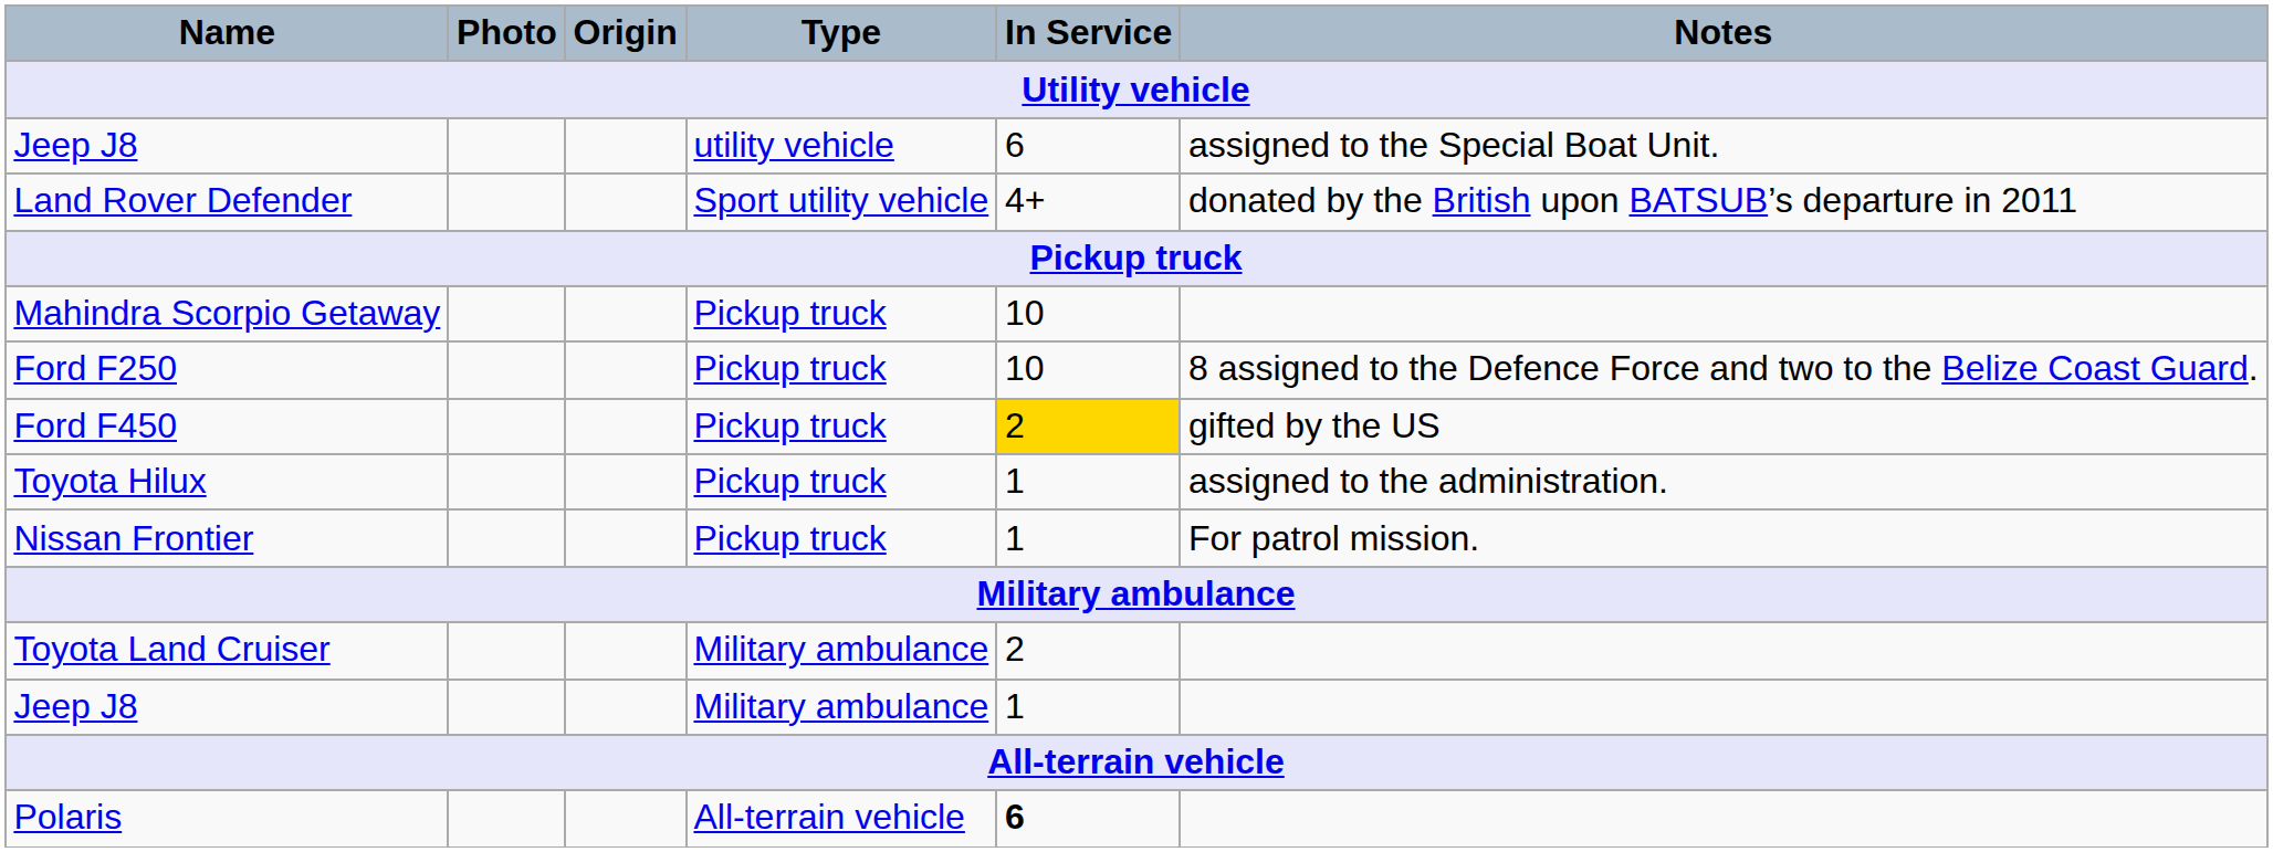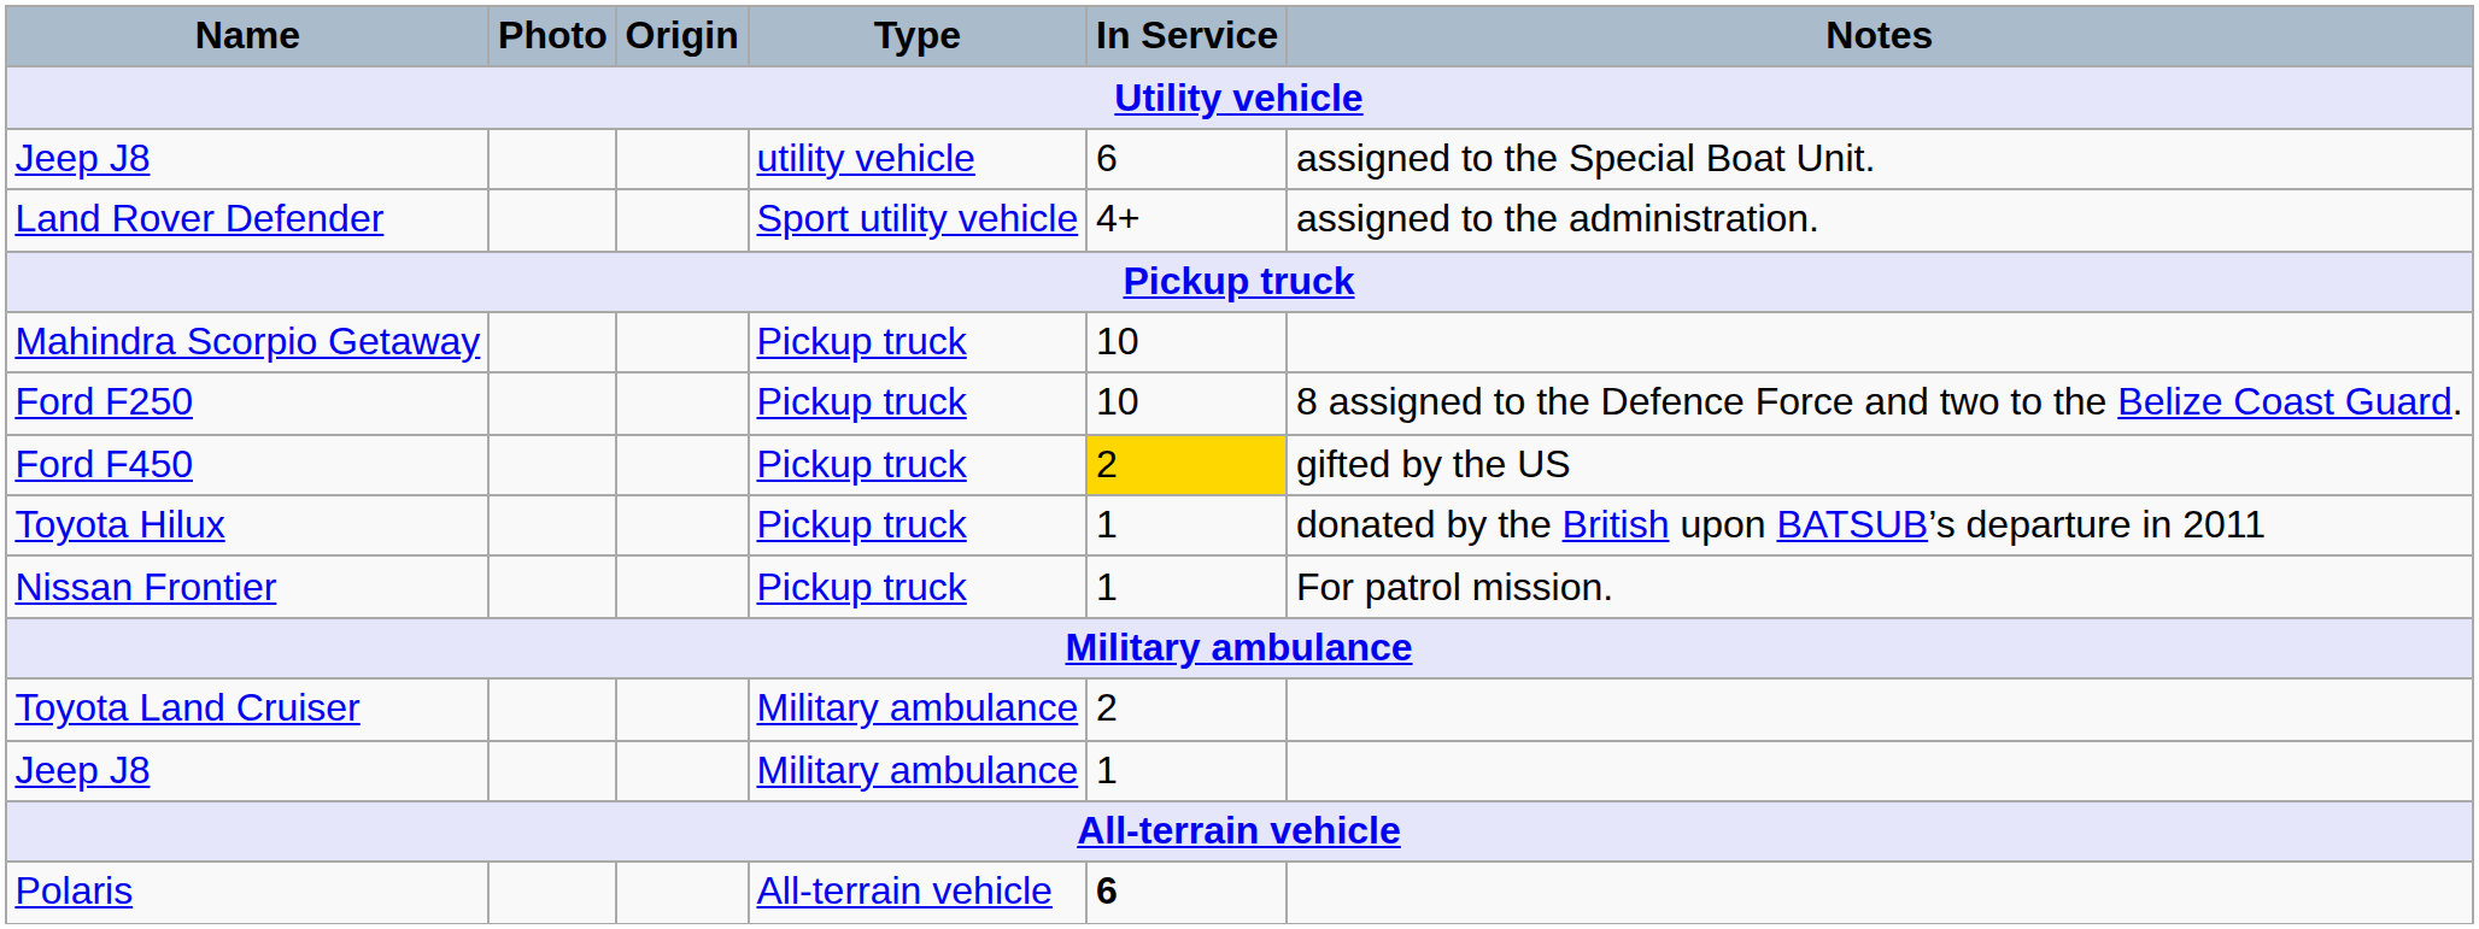 <table class="wikitable">
 <tr>
 <th style="text-align:center; background:#aabccc;">Name</th>
 <th style="text-align:center; background:#aabccc;">Photo</th>
 <th style="text-align: center; background:#aabccc;">Origin</th>
 <th style="text-align:l center! ; background:#aabccc;">Type</th>
 <th style="text-align:l center; background:#aabccc;">In Service</th>
 <th style="text-align: center; background:#aabccc;">Notes</th>
 </tr>
 <tr>
 <th style="align: center; background: lavender;" colspan="6"><a href='#'>Utility vehicle</a></th>
 </tr>
 <tr>
 <td><a href='#'>Jeep J8</a></td>
 <td></td>
 <td></td>
 <td><a href='#'>utility vehicle</a></td>
 <td>6</td>
 <td>assigned to the Special Boat Unit.</td>
 </tr>
 <tr>
 <td><a href='#'>Land Rover Defender</a></td>
 <td></td>
 <td></td>
 <td><a href='#'>Sport utility vehicle</a></td>
 <td>4+</td>
-<td>donated by the <a href='#'>British</a> upon <a href='#'>BATSUB</a>’s departure in 2011</td>
+<td>assigned to the administration.</td>
 </tr>
 <tr>
 <th style="align: center; background: lavender;" colspan="6"><a href='#'>Pickup truck</a></th>
 </tr>
 <tr>
 <td><a href='#'>Mahindra Scorpio Getaway</a></td>
 <td></td>
 <td></td>
 <td><a href='#'>Pickup truck</a></td>
 <td>10</td>
 <td></td>
 </tr>
 <tr>
 <td><a href='#'>Ford F250</a></td>
 <td></td>
 <td></td>
 <td><a href='#'>Pickup truck</a></td>
 <td>10</td>
 <td>8 assigned to the Defence Force and two to the <a href='#'>Belize Coast Guard</a>.</td>
 </tr>
 <tr>
 <td><a href='#'>Ford F450</a></td>
 <td></td>
 <td></td>
 <td><a href='#'>Pickup truck</a></td>
 <td style="background: gold;">2</td>
 <td>gifted by the US</td>
 </tr>
 <tr>
 <td><a href='#'>Toyota Hilux</a></td>
 <td></td>
 <td></td>
 <td><a href='#'>Pickup truck</a></td>
 <td>1</td>
-<td>assigned to the administration.</td>
+<td>donated by the <a href='#'>British</a> upon <a href='#'>BATSUB</a>’s departure in 2011</td>
 </tr>
 <tr>
 <td><a href='#'>Nissan Frontier</a></td>
 <td></td>
 <td></td>
 <td><a href='#'>Pickup truck</a></td>
 <td>1</td>
 <td>For patrol mission.</td>
 </tr>
 <tr>
 <th style="align: center; background: lavender;" colspan="6"><a href='#'>Military ambulance</a></th>
 </tr>
 <tr>
 <td><a href='#'>Toyota Land Cruiser</a></td>
 <td></td>
 <td></td>
 <td><a href='#'>Military ambulance</a></td>
 <td>2</td>
 <td></td>
 </tr>
 <tr>
 <td><a href='#'>Jeep J8</a></td>
 <td></td>
 <td></td>
 <td><a href='#'>Military ambulance</a></td>
 <td>1</td>
 <td></td>
 </tr>
 <tr>
 <th style="align: center; background: lavender;" colspan="6"><a href='#'>All-terrain vehicle</a></th>
 </tr>
 <tr>
 <td><a href='#'>Polaris</a></td>
 <td></td>
 <td></td>
 <td><a href='#'>All-terrain vehicle</a></td>
 <td><strong>6</strong></td>
 <td></td>
 </tr>
 </table>
